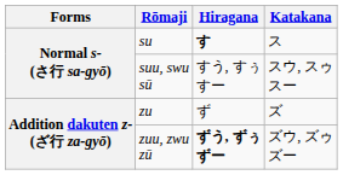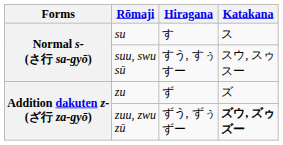 <table class="wikitable">
 <tr>
 <th>Forms</th>
 <th><a href='#'>Rōmaji</a></th>
 <th><a href='#'>Hiragana</a></th>
 <th><a href='#'>Katakana</a></th>
 </tr>
 <tr>
 <th rowspan="2">Normal <em>s-</em><br>(さ行 <em>sa-gyō</em>)</th>
 <td><em>su</em></td>
-<td><strong>す</strong></td>
+<td>す</td>
 <td>ス</td>
 </tr>
 <tr>
 <td><em>suu, swu</em><br><em>sū</em></td>
 <td>すう, すぅ<br>すー</td>
 <td>スウ, スゥ<br>スー</td>
 </tr>
 <tr>
 <th rowspan="2">Addition <a href='#'>dakuten</a> <em>z-</em><br>(ざ行 <em>za-gyō</em>)</th>
 <td><em>zu</em></td>
 <td>ず</td>
 <td>ズ</td>
 </tr>
 <tr>
 <td><em>zuu, zwu</em><br><em>zū</em></td>
-<td><strong>ずう, ずぅ<br>ずー</strong></td>
-<td>ズウ, ズゥ<br>ズー</td>
+<td>ずう, ずぅ<br>ずー</td>
+<td><strong>ズウ, ズゥ<br>ズー</strong></td>
 </tr>
 </table>
